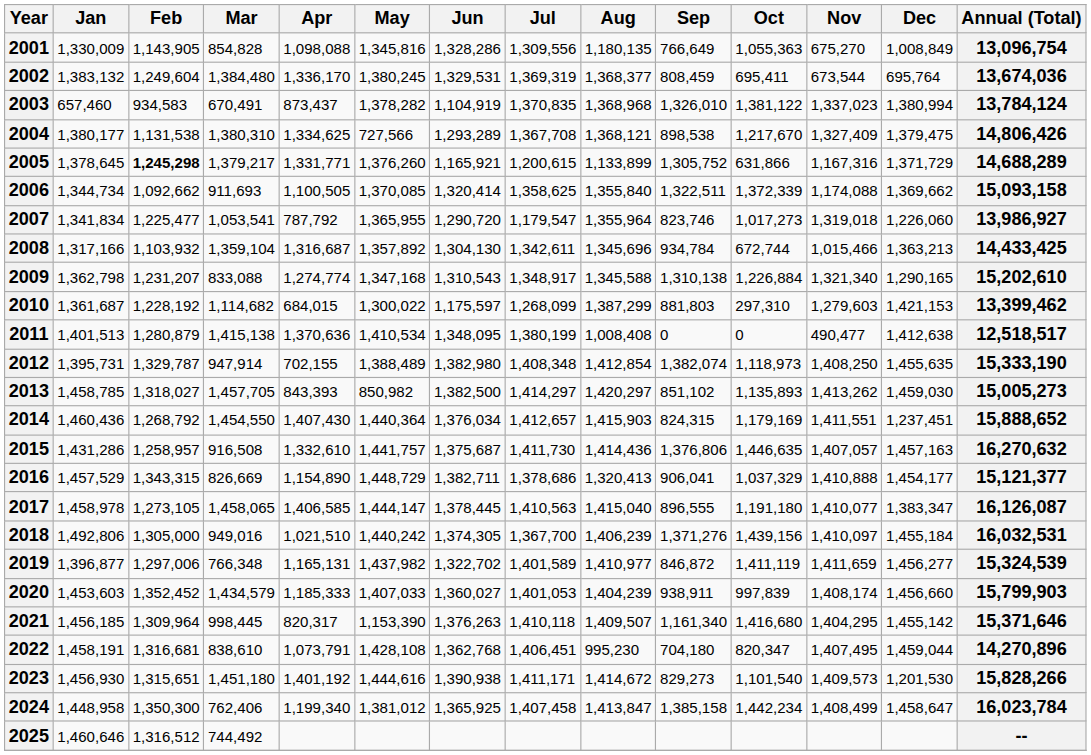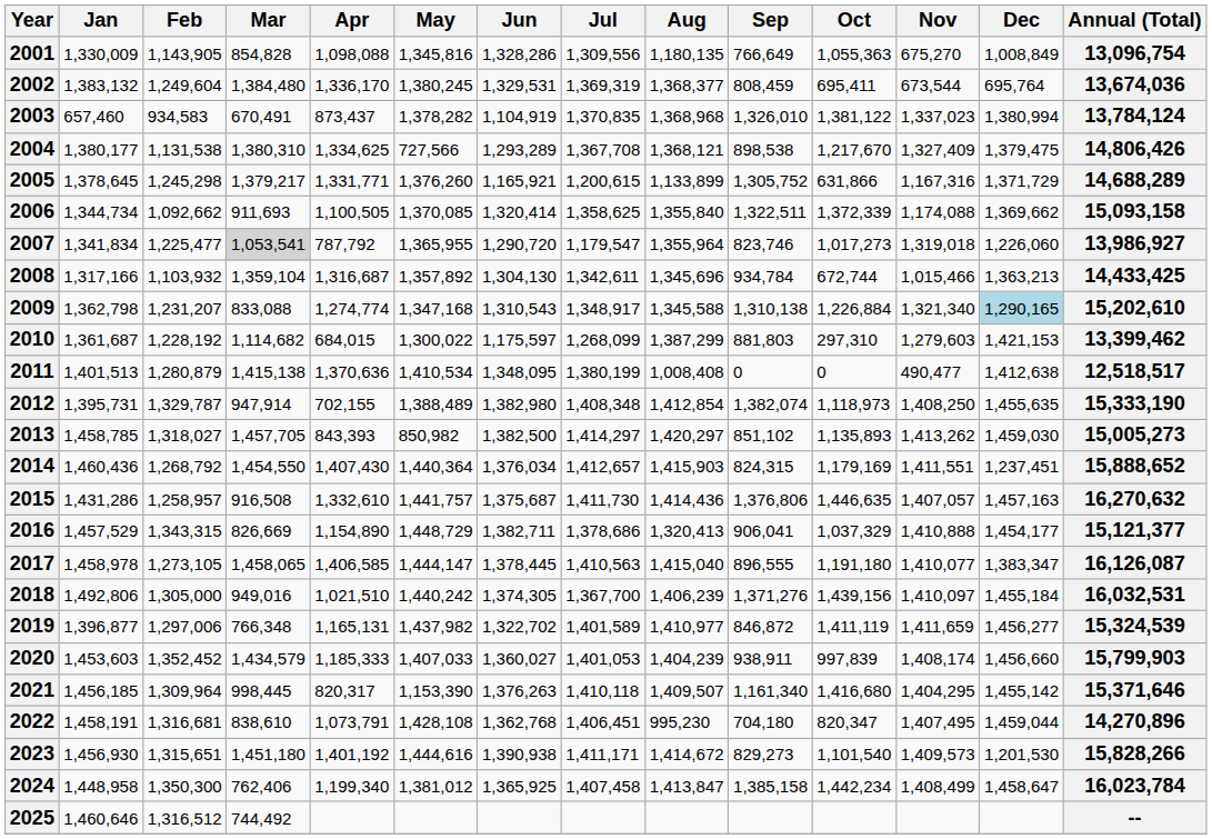 <table class="wikitable">
 <tr>
 <th>Year</th>
 <th>Jan</th>
 <th>Feb</th>
 <th>Mar</th>
 <th>Apr</th>
 <th>May</th>
 <th>Jun</th>
 <th>Jul</th>
 <th>Aug</th>
 <th>Sep</th>
 <th>Oct</th>
 <th>Nov</th>
 <th>Dec</th>
 <th>Annual (Total)</th>
 </tr>
 <tr>
 <th>2001</th>
 <td><small>1,330,009</small></td>
 <td><small>1,143,905</small></td>
 <td><small>854,828</small></td>
 <td><small>1,098,088</small></td>
 <td><small>1,345,816</small></td>
 <td><small>1,328,286</small></td>
 <td><small>1,309,556</small></td>
 <td><small>1,180,135</small></td>
 <td><small>766,649</small></td>
 <td><small>1,055,363</small></td>
 <td><small>675,270</small></td>
 <td><small>1,008,849</small></td>
 <th>13,096,754</th>
 </tr>
 <tr>
 <th>2002</th>
 <td><small>1,383,132</small></td>
 <td><small>1,249,604</small></td>
 <td><small>1,384,480</small></td>
 <td><small>1,336,170</small></td>
 <td><small>1,380,245</small></td>
 <td><small>1,329,531</small></td>
 <td><small>1,369,319</small></td>
 <td><small>1,368,377</small></td>
 <td><small>808,459</small></td>
 <td><small>695,411</small></td>
 <td><small>673,544</small></td>
 <td><small>695,764</small></td>
 <th>13,674,036</th>
 </tr>
 <tr>
 <th>2003</th>
 <td><small>657,460</small></td>
 <td><small>934,583</small></td>
 <td><small>670,491</small></td>
 <td><small>873,437</small></td>
 <td><small>1,378,282</small></td>
 <td><small>1,104,919</small></td>
 <td><small>1,370,835</small></td>
 <td><small>1,368,968</small></td>
 <td><small>1,326,010</small></td>
 <td><small>1,381,122</small></td>
 <td><small>1,337,023</small></td>
 <td><small>1,380,994</small></td>
 <th>13,784,124</th>
 </tr>
 <tr>
 <th>2004</th>
 <td><small>1,380,177</small></td>
 <td><small>1,131,538</small></td>
 <td><small>1,380,310</small></td>
 <td><small>1,334,625</small></td>
 <td><small>727,566</small></td>
 <td><small>1,293,289</small></td>
 <td><small>1,367,708</small></td>
 <td><small>1,368,121</small></td>
 <td><small>898,538</small></td>
 <td><small>1,217,670</small></td>
 <td><small>1,327,409</small></td>
 <td><small>1,379,475</small></td>
 <th>14,806,426</th>
 </tr>
 <tr>
 <th>2005</th>
 <td><small>1,378,645</small></td>
-<td><strong><small>1,245,298</small></strong></td>
+<td><small>1,245,298</small></td>
 <td><small>1,379,217</small></td>
 <td><small>1,331,771</small></td>
 <td><small>1,376,260</small></td>
 <td><small>1,165,921</small></td>
 <td><small>1,200,615</small></td>
 <td><small>1,133,899</small></td>
 <td><small>1,305,752</small></td>
 <td><small>631,866</small></td>
 <td><small>1,167,316</small></td>
 <td><small>1,371,729</small></td>
 <th>14,688,289</th>
 </tr>
 <tr>
 <th>2006</th>
 <td><small>1,344,734</small></td>
 <td><small>1,092,662</small></td>
 <td><small>911,693</small></td>
 <td><small>1,100,505</small></td>
 <td><small>1,370,085</small></td>
 <td><small>1,320,414</small></td>
 <td><small>1,358,625</small></td>
 <td><small>1,355,840</small></td>
 <td><small>1,322,511</small></td>
 <td><small>1,372,339</small></td>
 <td><small>1,174,088</small></td>
 <td><small>1,369,662</small></td>
 <th>15,093,158</th>
 </tr>
 <tr>
 <th>2007</th>
 <td><small>1,341,834</small></td>
 <td><small>1,225,477</small></td>
-<td><small>1,053,541</small></td>
+<td style="background: lightgrey;"><small>1,053,541</small></td>
 <td><small>787,792</small></td>
 <td><small>1,365,955</small></td>
 <td><small>1,290,720</small></td>
 <td><small>1,179,547</small></td>
 <td><small>1,355,964</small></td>
 <td><small>823,746</small></td>
 <td><small>1,017,273</small></td>
 <td><small>1,319,018</small></td>
 <td><small>1,226,060</small></td>
 <th>13,986,927</th>
 </tr>
 <tr>
 <th>2008</th>
 <td><small>1,317,166</small></td>
 <td><small>1,103,932</small></td>
 <td><small>1,359,104</small></td>
 <td><small>1,316,687</small></td>
 <td><small>1,357,892</small></td>
 <td><small>1,304,130</small></td>
 <td><small>1,342,611</small></td>
 <td><small>1,345,696</small></td>
 <td><small>934,784</small></td>
 <td><small>672,744</small></td>
 <td><small>1,015,466</small></td>
 <td><small>1,363,213</small></td>
 <th>14,433,425</th>
 </tr>
 <tr>
 <th>2009</th>
 <td><small>1,362,798</small></td>
 <td><small>1,231,207</small></td>
 <td><small>833,088</small></td>
 <td><small>1,274,774</small></td>
 <td><small>1,347,168</small></td>
 <td><small>1,310,543</small></td>
 <td><small>1,348,917</small></td>
 <td><small>1,345,588</small></td>
 <td><small>1,310,138</small></td>
 <td><small>1,226,884</small></td>
 <td><small>1,321,340</small></td>
-<td><small>1,290,165</small></td>
+<td style="background: lightblue;"><small>1,290,165</small></td>
 <th>15,202,610</th>
 </tr>
 <tr>
 <th>2010</th>
 <td><small>1,361,687</small></td>
 <td><small>1,228,192</small></td>
 <td><small>1,114,682</small></td>
 <td><small>684,015</small></td>
 <td><small>1,300,022</small></td>
 <td><small>1,175,597</small></td>
 <td><small>1,268,099</small></td>
 <td><small>1,387,299</small></td>
 <td><small>881,803</small></td>
 <td><small>297,310</small></td>
 <td><small>1,279,603</small></td>
 <td><small>1,421,153</small></td>
 <th>13,399,462</th>
 </tr>
 <tr>
 <th>2011</th>
 <td><small>1,401,513</small></td>
 <td><small>1,280,879</small></td>
 <td><small>1,415,138</small></td>
 <td><small>1,370,636</small></td>
 <td><small>1,410,534</small></td>
 <td><small>1,348,095</small></td>
 <td><small>1,380,199</small></td>
 <td><small>1,008,408</small></td>
 <td><small>0</small></td>
 <td><small>0</small></td>
 <td><small>490,477</small></td>
 <td><small>1,412,638</small></td>
 <th>12,518,517</th>
 </tr>
 <tr>
 <th>2012</th>
 <td><small>1,395,731</small></td>
 <td><small>1,329,787</small></td>
 <td><small>947,914</small></td>
 <td><small>702,155</small></td>
 <td><small>1,388,489</small></td>
 <td><small>1,382,980</small></td>
 <td><small>1,408,348</small></td>
 <td><small>1,412,854</small></td>
 <td><small>1,382,074</small></td>
 <td><small>1,118,973</small></td>
 <td><small>1,408,250</small></td>
 <td><small>1,455,635</small></td>
 <th>15,333,190</th>
 </tr>
 <tr>
 <th>2013</th>
 <td><small>1,458,785</small></td>
 <td><small>1,318,027</small></td>
 <td><small>1,457,705</small></td>
 <td><small>843,393</small></td>
 <td><small>850,982</small></td>
 <td><small>1,382,500</small></td>
 <td><small>1,414,297</small></td>
 <td><small>1,420,297</small></td>
 <td><small>851,102</small></td>
 <td><small>1,135,893</small></td>
 <td><small>1,413,262</small></td>
 <td><small>1,459,030</small></td>
 <th>15,005,273</th>
 </tr>
 <tr>
 <th>2014</th>
 <td><small>1,460,436</small></td>
 <td><small>1,268,792</small></td>
 <td><small>1,454,550</small></td>
 <td><small>1,407,430</small></td>
 <td><small>1,440,364</small></td>
 <td><small>1,376,034</small></td>
 <td><small>1,412,657</small></td>
 <td><small>1,415,903</small></td>
 <td><small>824,315</small></td>
 <td><small>1,179,169</small></td>
 <td><small>1,411,551</small></td>
 <td><small>1,237,451</small></td>
 <th>15,888,652</th>
 </tr>
 <tr>
 <th>2015</th>
 <td><small>1,431,286</small></td>
 <td><small>1,258,957</small></td>
 <td><small>916,508</small></td>
 <td><small>1,332,610</small></td>
 <td><small>1,441,757</small></td>
 <td><small>1,375,687</small></td>
 <td><small>1,411,730</small></td>
 <td><small>1,414,436</small></td>
 <td><small>1,376,806</small></td>
 <td><small>1,446,635</small></td>
 <td><small>1,407,057</small></td>
 <td><small>1,457,163</small></td>
 <th>16,270,632</th>
 </tr>
 <tr>
 <th>2016</th>
 <td><small>1,457,529</small></td>
 <td><small>1,343,315</small></td>
 <td><small>826,669</small></td>
 <td><small>1,154,890</small></td>
 <td><small>1,448,729</small></td>
 <td><small>1,382,711</small></td>
 <td><small>1,378,686</small></td>
 <td><small>1,320,413</small></td>
 <td><small>906,041</small></td>
 <td><small>1,037,329</small></td>
 <td><small>1,410,888</small></td>
 <td><small>1,454,177</small></td>
 <th>15,121,377</th>
 </tr>
 <tr>
 <th>2017</th>
 <td><small>1,458,978</small></td>
 <td><small>1,273,105</small></td>
 <td><small>1,458,065</small></td>
 <td><small>1,406,585</small></td>
 <td><small>1,444,147</small></td>
 <td><small>1,378,445</small></td>
 <td><small>1,410,563</small></td>
 <td><small>1,415,040</small></td>
 <td><small>896,555</small></td>
 <td><small>1,191,180</small></td>
 <td><small>1,410,077</small></td>
 <td><small>1,383,347</small></td>
 <th>16,126,087</th>
 </tr>
 <tr>
 <th>2018</th>
 <td><small>1,492,806</small></td>
 <td><small>1,305,000</small></td>
 <td><small>949,016</small></td>
 <td><small>1,021,510</small></td>
 <td><small>1,440,242</small></td>
 <td><small>1,374,305</small></td>
 <td><small>1,367,700</small></td>
 <td><small>1,406,239</small></td>
 <td><small>1,371,276</small></td>
 <td><small>1,439,156</small></td>
 <td><small>1,410,097</small></td>
 <td><small>1,455,184</small></td>
 <th>16,032,531</th>
 </tr>
 <tr>
 <th>2019</th>
 <td><small>1,396,877</small></td>
 <td><small>1,297,006</small></td>
 <td><small>766,348</small></td>
 <td><small>1,165,131</small></td>
 <td><small>1,437,982</small></td>
 <td><small>1,322,702</small></td>
 <td><small>1,401,589</small></td>
 <td><small>1,410,977</small></td>
 <td><small>846,872</small></td>
 <td><small>1,411,119</small></td>
 <td><small>1,411,659</small></td>
 <td><small>1,456,277</small></td>
 <th>15,324,539</th>
 </tr>
 <tr>
 <th>2020</th>
 <td><small>1,453,603</small></td>
 <td><small>1,352,452</small></td>
 <td><small>1,434,579</small></td>
 <td><small>1,185,333</small></td>
 <td><small>1,407,033</small></td>
 <td><small>1,360,027</small></td>
 <td><small>1,401,053</small></td>
 <td><small>1,404,239</small></td>
 <td><small>938,911</small></td>
 <td><small>997,839</small></td>
 <td><small>1,408,174</small></td>
 <td><small>1,456,660</small></td>
 <th>15,799,903</th>
 </tr>
 <tr>
 <th>2021</th>
 <td><small>1,456,185</small></td>
 <td><small>1,309,964</small></td>
 <td><small>998,445</small></td>
 <td><small>820,317</small></td>
 <td><small>1,153,390</small></td>
 <td><small>1,376,263</small></td>
 <td><small>1,410,118</small></td>
 <td><small>1,409,507</small></td>
 <td><small>1,161,340</small></td>
 <td><small>1,416,680</small></td>
 <td><small>1,404,295</small></td>
 <td><small>1,455,142</small></td>
 <th>15,371,646</th>
 </tr>
 <tr>
 <th>2022</th>
 <td><small>1,458,191</small></td>
 <td><small>1,316,681</small></td>
 <td><small>838,610</small></td>
 <td><small>1,073,791</small></td>
 <td><small>1,428,108</small></td>
 <td><small>1,362,768</small></td>
 <td><small>1,406,451</small></td>
 <td><small>995,230</small></td>
 <td><small>704,180</small></td>
 <td><small>820,347</small></td>
 <td><small>1,407,495</small></td>
 <td><small>1,459,044</small></td>
 <th>14,270,896</th>
 </tr>
 <tr>
 <th>2023</th>
 <td><small>1,456,930</small></td>
 <td><small>1,315,651</small></td>
 <td><small>1,451,180</small></td>
 <td><small>1,401,192</small></td>
 <td><small>1,444,616</small></td>
 <td><small>1,390,938</small></td>
 <td><small>1,411,171</small></td>
 <td><small>1,414,672</small></td>
 <td><small>829,273</small></td>
 <td><small>1,101,540</small></td>
 <td><small>1,409,573</small></td>
 <td><small>1,201,530</small></td>
 <th>15,828,266</th>
 </tr>
 <tr>
 <th>2024</th>
 <td><small>1,448,958</small></td>
 <td><small>1,350,300</small></td>
 <td><small>762,406</small></td>
 <td><small>1,199,340</small></td>
 <td><small>1,381,012</small></td>
 <td><small>1,365,925</small></td>
 <td><small>1,407,458</small></td>
 <td><small>1,413,847</small></td>
 <td><small>1,385,158</small></td>
 <td><small>1,442,234</small></td>
 <td><small>1,408,499</small></td>
 <td><small>1,458,647</small></td>
 <th>16,023,784</th>
 </tr>
 <tr>
 <th>2025</th>
 <td><small>1,460,646</small></td>
 <td><small>1,316,512</small></td>
 <td><small>744,492</small></td>
 <td><small></small></td>
 <td><small></small></td>
 <td><small></small></td>
 <td><small></small></td>
 <td><small></small></td>
 <td><small></small></td>
 <td><small></small></td>
 <td><small></small></td>
 <td><small></small></td>
 <th>--</th>
 </tr>
 <tr>
 </tr>
 </table>
